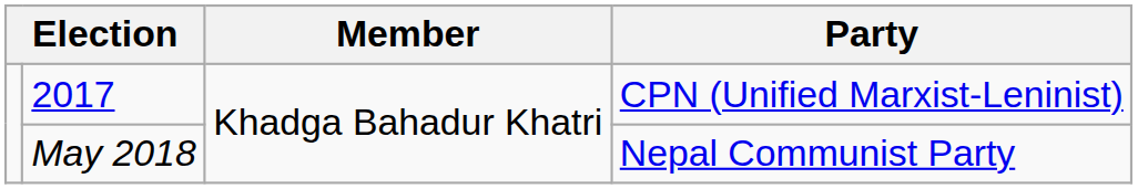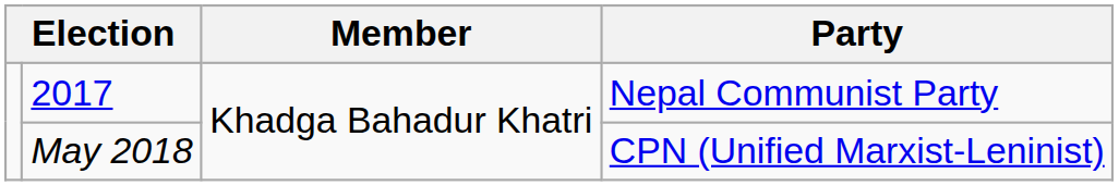 <table class="wikitable">
 <tr>
 <th colspan="2">Election</th>
 <th>Member</th>
 <th>Party</th>
 </tr>
 <tr>
 <td rowspan="2" style="background-color:"></td>
 <td><a href='#'>2017</a></td>
 <td rowspan="2">Khadga Bahadur Khatri</td>
-<td><a href='#'>CPN (Unified Marxist-Leninist)</a></td>
+<td><a href='#'>Nepal Communist Party</a></td>
 </tr>
 <tr>
 <td><em>May 2018</em></td>
-<td><a href='#'>Nepal Communist Party</a></td>
+<td><a href='#'>CPN (Unified Marxist-Leninist)</a></td>
 </tr>
 </table>
